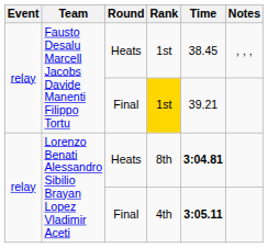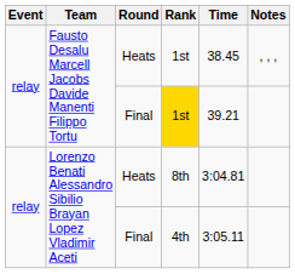 <table class="wikitable" width=50% style="font-size:100%; text-align:center;">
 <tr>
 <th>Event</th>
 <th>Team</th>
 <th>Round</th>
 <th>Rank</th>
 <th>Time</th>
 <th>Notes</th>
 </tr>
 <tr>
 <td rowspan=2><a href='#'> relay</a></td>
 <td rowspan=2 align=left><a href='#'>Fausto Desalu</a><br><a href='#'>Marcell Jacobs</a><br><a href='#'>Davide Manenti</a><br><a href='#'>Filippo Tortu</a></td>
 <td>Heats</td>
 <td>1st </td>
 <td>38.45</td>
 <td>, , , </td>
 </tr>
 <tr>
 <td>Final</td>
 <td bgcolor=gold>1st</td>
 <td>39.21</td>
 <td></td>
 </tr>
 <tr>
 <td rowspan=2><a href='#'> relay</a></td>
 <td rowspan=2 align=left><a href='#'>Lorenzo Benati</a><br><a href='#'>Alessandro Sibilio</a><br><a href='#'>Brayan Lopez</a><br><a href='#'>Vladimir Aceti</a></td>
 <td>Heats</td>
 <td>8th </td>
-<td><strong>3:04.81</strong></td>
+<td>3:04.81</td>
 <td></td>
 </tr>
 <tr>
 <td>Final</td>
 <td>4th</td>
-<td><strong>3:05.11</strong></td>
+<td>3:05.11</td>
 <td></td>
 </tr>
 </table>
